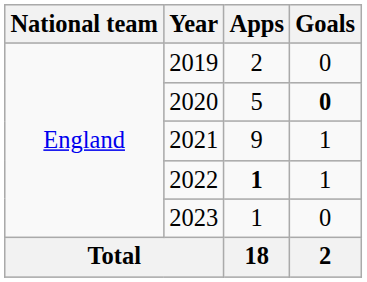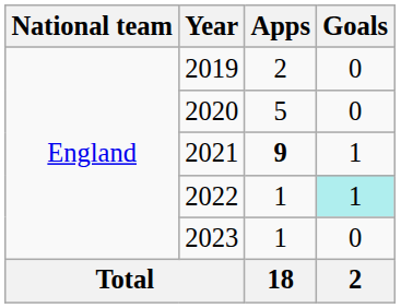 <table class="wikitable" style="text-align: center;">
 <tr>
 <th>National team</th>
 <th>Year</th>
 <th>Apps</th>
 <th>Goals</th>
 </tr>
 <tr>
 <td rowspan="5"><a href='#'>England</a></td>
 <td>2019</td>
 <td>2</td>
 <td>0</td>
 </tr>
 <tr>
 <td>2020</td>
 <td>5</td>
-<td><strong>0</strong></td>
+<td>0</td>
 </tr>
 <tr>
 <td>2021</td>
-<td>9</td>
+<td><strong>9</strong></td>
 <td>1</td>
 </tr>
 <tr>
 <td>2022</td>
-<td><strong>1</strong></td>
 <td>1</td>
+<td style="background: paleturquoise;">1</td>
 </tr>
 <tr>
 <td>2023</td>
 <td>1</td>
 <td>0</td>
 </tr>
 <tr>
 <th colspan="2">Total</th>
 <th>18</th>
 <th>2</th>
 </tr>
 </table>
